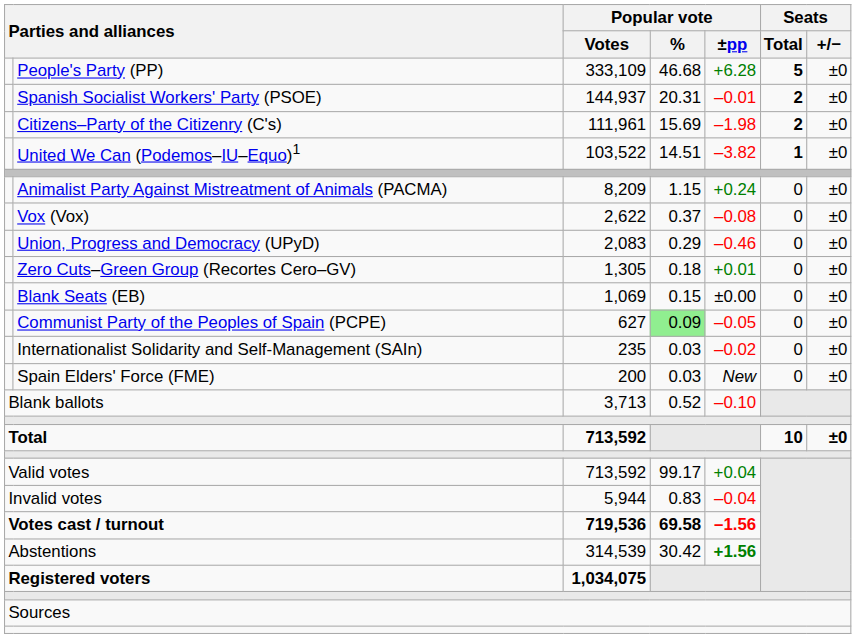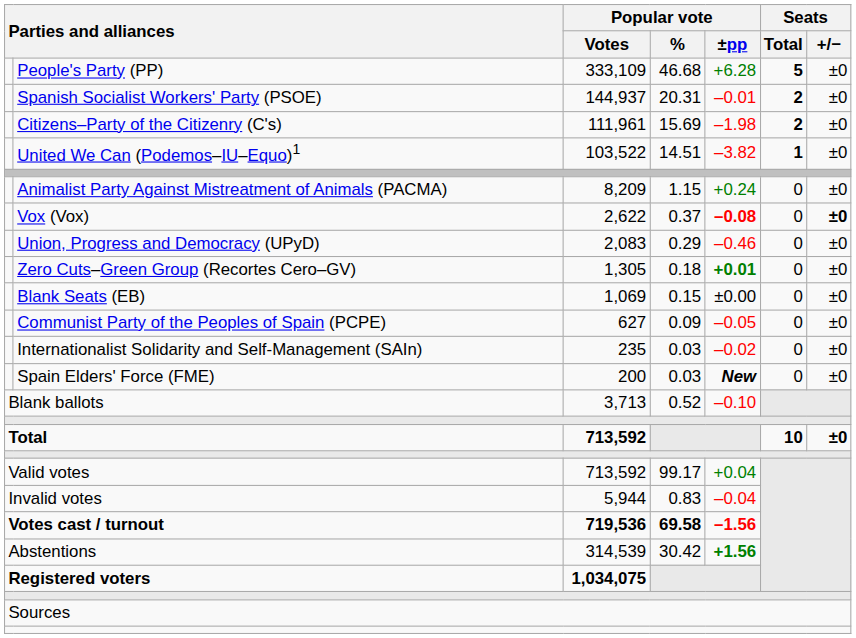 <table class="wikitable" style="text-align:right;">
 <tr>
 <th style="text-align:left;" rowspan="2" colspan="2" width="525">Parties and alliances</th>
 <th colspan="3">Popular vote</th>
 <th colspan="2">Seats</th>
 </tr>
 <tr>
 <th width="75">Votes</th>
 <th width="45">%</th>
 <th width="45">±<a href='#'>pp</a></th>
 <th width="35">Total</th>
 <th width="35">+/−</th>
 </tr>
 <tr>
 <td width="1" style="color:inherit;background:"></td>
 <td align="left"><a href='#'>People's Party</a> (PP)</td>
 <td>333,109</td>
 <td>46.68</td>
 <td style="color:green;">+6.28</td>
 <td><strong>5</strong></td>
 <td>±0</td>
 </tr>
 <tr>
 <td style="color:inherit;background:"></td>
 <td align="left"><a href='#'>Spanish Socialist Workers' Party</a> (PSOE)</td>
 <td>144,937</td>
 <td>20.31</td>
 <td style="color:red;">–0.01</td>
 <td><strong>2</strong></td>
 <td>±0</td>
 </tr>
 <tr>
 <td style="color:inherit;background:"></td>
 <td align="left"><a href='#'>Citizens–Party of the Citizenry</a> (C's)</td>
 <td>111,961</td>
 <td>15.69</td>
 <td style="color:red;">–1.98</td>
 <td><strong>2</strong></td>
 <td>±0</td>
 </tr>
 <tr>
 <td style="color:inherit;background:"></td>
 <td align="left"><a href='#'>United We Can</a> (<a href='#'>Podemos</a>–<a href='#'>IU</a>–<a href='#'>Equo</a>)<sup>1</sup></td>
 <td>103,522</td>
 <td>14.51</td>
 <td style="color:red;">–3.82</td>
 <td><strong>1</strong></td>
 <td>±0</td>
 </tr>
 <tr>
 <td colspan="7" bgcolor="#C0C0C0"></td>
 </tr>
 <tr>
 <td style="color:inherit;background:"></td>
 <td align="left"><a href='#'>Animalist Party Against Mistreatment of Animals</a> (PACMA)</td>
 <td>8,209</td>
 <td>1.15</td>
 <td style="color:green;">+0.24</td>
 <td>0</td>
 <td>±0</td>
 </tr>
 <tr>
 <td style="color:inherit;background:"></td>
 <td align="left"><a href='#'>Vox</a> (Vox)</td>
 <td>2,622</td>
 <td>0.37</td>
-<td style="color:red;">–0.08</td>
+<td style="color:red;"><strong>–0.08</strong></td>
 <td>0</td>
-<td>±0</td>
+<td><strong>±0</strong></td>
 </tr>
 <tr>
 <td style="color:inherit;background:"></td>
 <td align="left"><a href='#'>Union, Progress and Democracy</a> (UPyD)</td>
 <td>2,083</td>
 <td>0.29</td>
 <td style="color:red;">–0.46</td>
 <td>0</td>
 <td>±0</td>
 </tr>
 <tr>
 <td style="color:inherit;background:"></td>
 <td align="left"><a href='#'>Zero Cuts</a>–<a href='#'>Green Group</a> (Recortes Cero–GV)</td>
 <td>1,305</td>
 <td>0.18</td>
-<td style="color:green;">+0.01</td>
+<td style="color:green;"><strong>+0.01</strong></td>
 <td>0</td>
 <td>±0</td>
 </tr>
 <tr>
 <td style="color:inherit;background:"></td>
 <td align="left"><a href='#'>Blank Seats</a> (EB)</td>
 <td>1,069</td>
 <td>0.15</td>
 <td>±0.00</td>
 <td>0</td>
 <td>±0</td>
 </tr>
 <tr>
 <td style="color:inherit;background:"></td>
 <td align="left"><a href='#'>Communist Party of the Peoples of Spain</a> (PCPE)</td>
 <td>627</td>
-<td style="background: lightgreen;">0.09</td>
+<td>0.09</td>
 <td style="color:red;">–0.05</td>
 <td>0</td>
 <td>±0</td>
 </tr>
 <tr>
 <td style="color:inherit;background:"></td>
 <td align="left">Internationalist Solidarity and Self-Management (SAIn)</td>
 <td>235</td>
 <td>0.03</td>
 <td style="color:red;">–0.02</td>
 <td>0</td>
 <td>±0</td>
 </tr>
 <tr>
 <td style="color:inherit;background:"></td>
 <td align="left">Spain Elders' Force (FME)</td>
 <td>200</td>
 <td>0.03</td>
-<td><em>New</em></td>
+<td><strong><em>New</em></strong></td>
 <td>0</td>
 <td>±0</td>
 </tr>
 <tr>
 <td align="left" colspan="2">Blank ballots</td>
 <td>3,713</td>
 <td>0.52</td>
 <td style="color:red;">–0.10</td>
 <td bgcolor="#E9E9E9" colspan="2"></td>
 </tr>
 <tr>
 <td colspan="7" bgcolor="#E9E9E9"></td>
 </tr>
 <tr style="font-weight:bold;">
 <td align="left" colspan="2">Total</td>
 <td>713,592</td>
 <td bgcolor="#E9E9E9" colspan="2"></td>
 <td>10</td>
 <td>±0</td>
 </tr>
 <tr>
 <td colspan="7" bgcolor="#E9E9E9"></td>
 </tr>
 <tr>
 <td align="left" colspan="2">Valid votes</td>
 <td>713,592</td>
 <td>99.17</td>
 <td style="color:green;">+0.04</td>
 <td bgcolor="#E9E9E9" colspan="2" rowspan="5"></td>
 </tr>
 <tr>
 <td align="left" colspan="2">Invalid votes</td>
 <td>5,944</td>
 <td>0.83</td>
 <td style="color:red;">–0.04</td>
 </tr>
 <tr style="font-weight:bold;">
 <td align="left" colspan="2">Votes cast / turnout</td>
 <td>719,536</td>
 <td>69.58</td>
 <td style="color:red;">–1.56</td>
 </tr>
 <tr>
 <td align="left" colspan="2">Abstentions</td>
 <td>314,539</td>
 <td>30.42</td>
 <td style="color:green;"><strong>+1.56</strong></td>
 </tr>
 <tr style="font-weight:bold;">
 <td align="left" colspan="2">Registered voters</td>
 <td>1,034,075</td>
 <td bgcolor="#E9E9E9" colspan="2"></td>
 </tr>
 <tr>
 <td colspan="7" bgcolor="#E9E9E9"></td>
 </tr>
 <tr>
 <td align="left" colspan="7">Sources</td>
 </tr>
 <tr>
 <td colspan="7" style="text-align:left; max-width:790px;"></td>
 </tr>
 </table>
